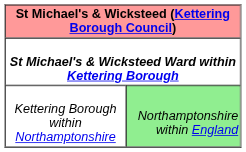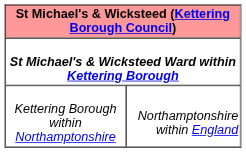 <table border=1 cellpadding="2" cellspacing="0" align="right" width=300>
 <tr>
 <th colspan=2 align=center bgcolor="#ff9999">St Michael's & Wicksteed (<a href='#'>Kettering Borough Council</a>)</th>
 </tr>
 <tr>
 <th colspan=2 alignn=center><br><em>St Michael's & Wicksteed Ward within <a href='#'>Kettering Borough</a></em></th>
 </tr>
 <tr>
 <td align=center><br><em>Kettering Borough within <a href='#'>Northamptonshire</a></em></td>
-<td align=right style="background: lightgreen;"><br><em>Northamptonshire within <a href='#'>England</a></em></td>
+<td align=right><br><em>Northamptonshire within <a href='#'>England</a></em></td>
 </tr>
 </table>
